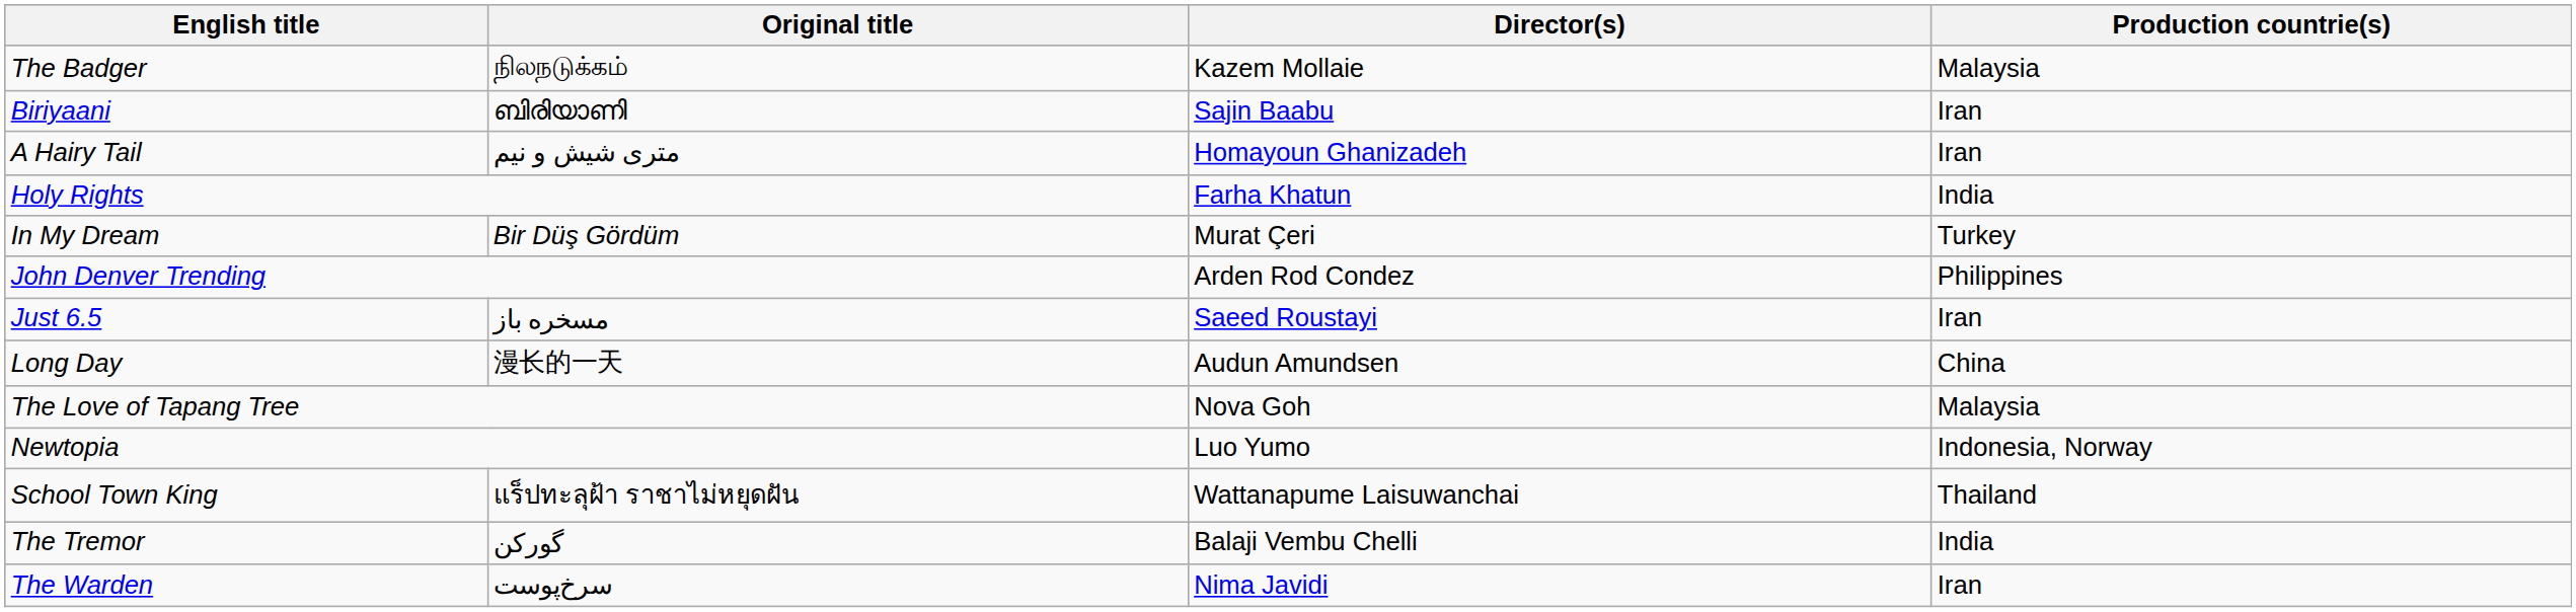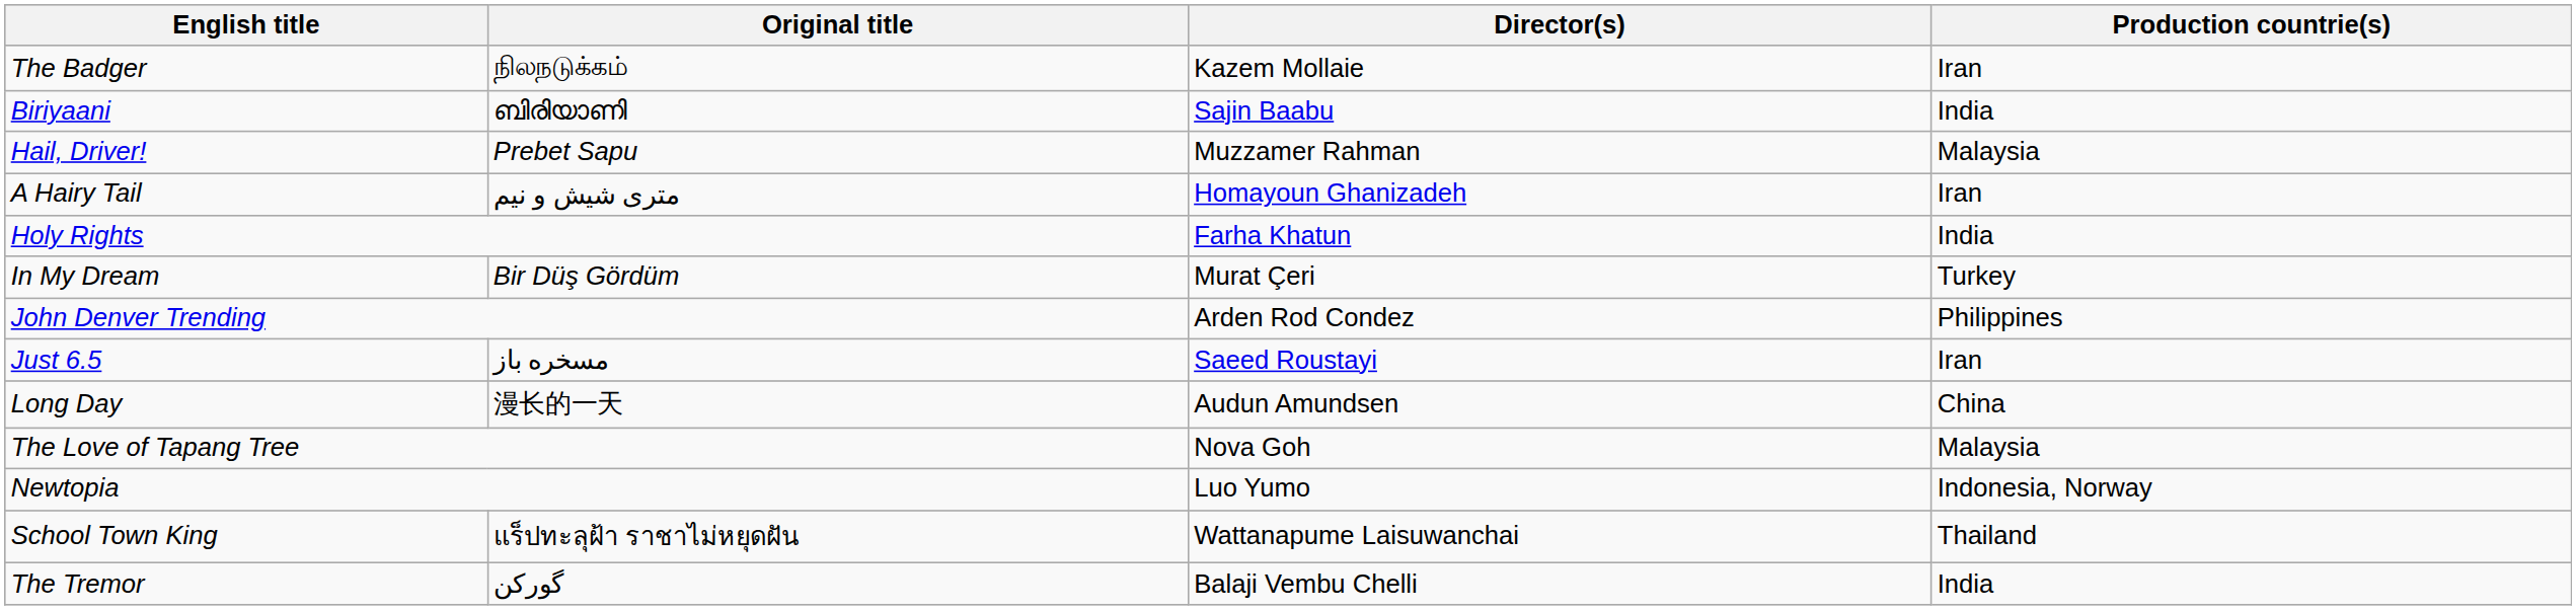 <table class="sortable wikitable" style="width:100%; margin-bottom:4px">
 <tr>
 <th scope="col">English title</th>
 <th scope="col">Original title</th>
 <th scope="col">Director(s)</th>
 <th scope="col">Production countrie(s)</th>
 </tr>
 <tr>
 <td><em>The Badger</em></td>
 <td>நிலநடுக்கம்</td>
 <td>Kazem Mollaie</td>
-<td>Malaysia</td>
+<td>Iran</td>
 </tr>
 <tr>
 <td><em><a href='#'>Biriyaani</a></em></td>
 <td>ബിരിയാണി</td>
 <td><a href='#'>Sajin Baabu</a></td>
-<td>Iran</td>
+<td>India</td>
+</tr>
+<tr>
+<td><em><a href='#'>Hail, Driver!</a></em></td>
+<td><em>Prebet Sapu</em></td>
+<td>Muzzamer Rahman</td>
+<td>Malaysia</td>
 </tr>
 <tr>
 <td><em>A Hairy Tail</em></td>
 <td>متری شیش و نیم</td>
 <td><a href='#'>Homayoun Ghanizadeh</a></td>
 <td>Iran</td>
 </tr>
 <tr>
 <td colspan="2"><em><a href='#'>Holy Rights</a></em></td>
 <td><a href='#'>Farha Khatun</a></td>
 <td>India</td>
 </tr>
 <tr>
 <td><em>In My Dream</em></td>
 <td><em>Bir Düş Gördüm</em></td>
 <td>Murat Çeri</td>
 <td>Turkey</td>
 </tr>
 <tr>
 <td colspan="2"><em><a href='#'>John Denver Trending</a></em></td>
 <td>Arden Rod Condez</td>
 <td>Philippines</td>
 </tr>
 <tr>
 <td><em><a href='#'>Just 6.5</a></em></td>
 <td>مسخره باز</td>
 <td><a href='#'>Saeed Roustayi</a></td>
 <td>Iran</td>
 </tr>
 <tr>
 <td><em>Long Day</em></td>
 <td>漫长的一天</td>
 <td>Audun Amundsen</td>
 <td>China</td>
 </tr>
 <tr>
 <td colspan="2"><em>The Love of Tapang Tree</em></td>
 <td>Nova Goh</td>
 <td>Malaysia</td>
 </tr>
 <tr>
 <td colspan="2"><em>Newtopia</em></td>
 <td>Luo Yumo</td>
 <td>Indonesia, Norway</td>
 </tr>
 <tr>
 <td><em>School Town King</em></td>
 <td>แร็ปทะลุฝ้า ราชาไม่หยุดฝัน</td>
 <td>Wattanapume Laisuwanchai</td>
 <td>Thailand</td>
 </tr>
 <tr>
 <td><em>The Tremor</em></td>
 <td>گورکن</td>
 <td>Balaji Vembu Chelli</td>
 <td>India</td>
 </tr>
-<tr>
-<td><em><a href='#'>The Warden</a></em></td>
-<td>سرخ‌پوست</td>
-<td><a href='#'>Nima Javidi</a></td>
-<td>Iran</td>
-</tr>
 </table>
